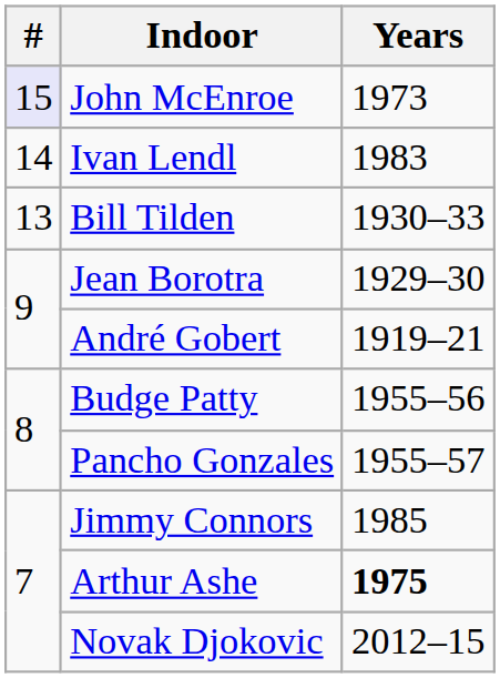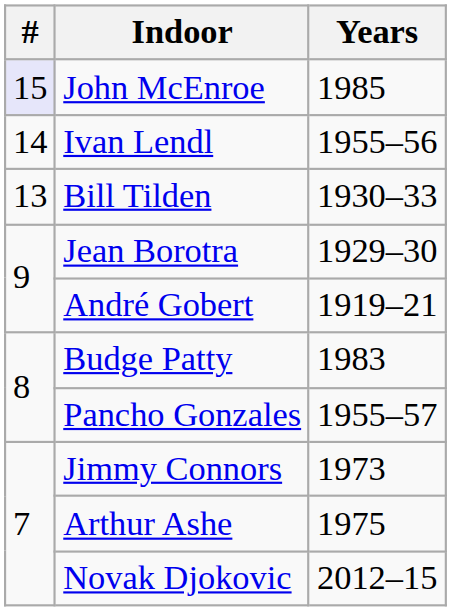 <table class=wikitable style="display:inline-table;">
 <tr>
 <th>#</th>
 <th>Indoor</th>
 <th>Years</th>
 </tr>
 <tr>
 <td style="background: lavender;">15</td>
 <td> <a href='#'>John McEnroe</a></td>
-<td>1973</td>
+<td>1985</td>
 </tr>
 <tr>
 <td>14</td>
 <td> <a href='#'>Ivan Lendl</a></td>
-<td>1983</td>
+<td>1955–56</td>
 </tr>
 <tr>
 <td>13</td>
 <td> <a href='#'>Bill Tilden</a></td>
 <td>1930–33</td>
 </tr>
 <tr>
 <td rowspan="2">9</td>
 <td> <a href='#'>Jean Borotra</a></td>
 <td>1929–30</td>
 </tr>
 <tr>
 <td> <a href='#'>André Gobert</a></td>
 <td>1919–21</td>
 </tr>
 <tr>
 <td rowspan="2">8</td>
 <td> <a href='#'>Budge Patty</a></td>
-<td>1955–56</td>
+<td>1983</td>
 </tr>
 <tr>
 <td> <a href='#'>Pancho Gonzales</a></td>
 <td>1955–57</td>
 </tr>
 <tr>
 <td rowspan="3">7</td>
 <td> <a href='#'>Jimmy Connors</a></td>
-<td>1985</td>
+<td>1973</td>
 </tr>
 <tr>
 <td> <a href='#'>Arthur Ashe</a></td>
-<td><strong>1975</strong></td>
+<td>1975</td>
 </tr>
 <tr>
 <td> <a href='#'>Novak Djokovic</a></td>
 <td>2012–15</td>
 </tr>
 </table>
